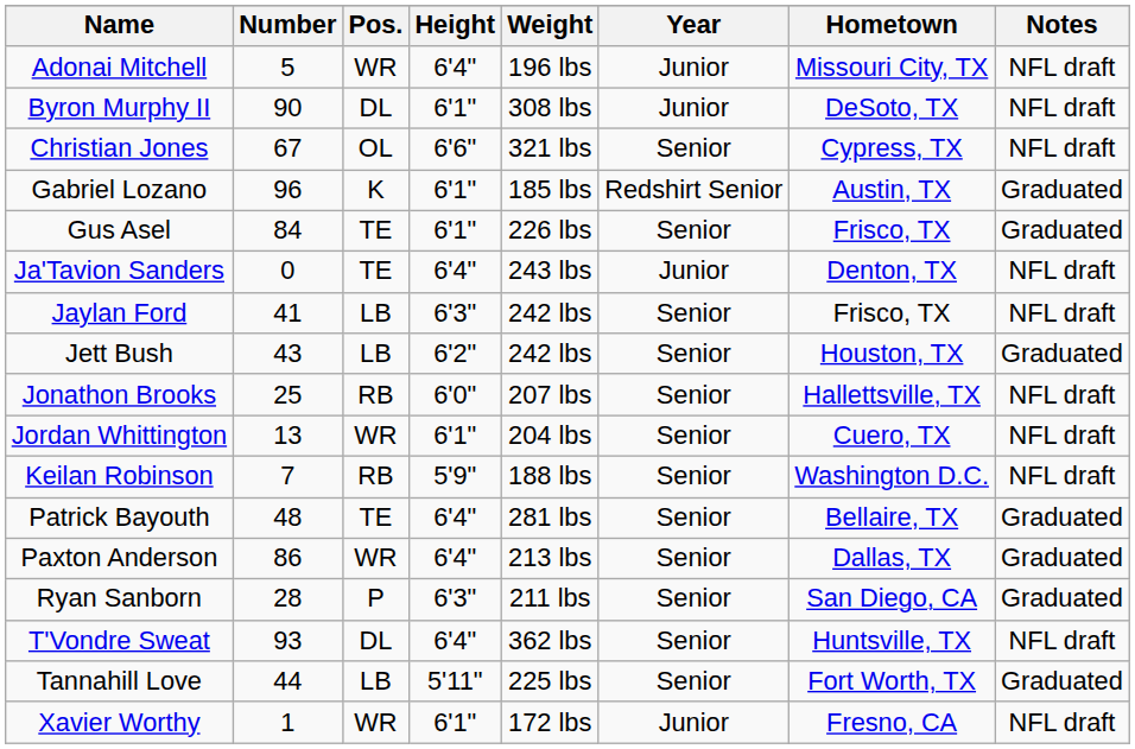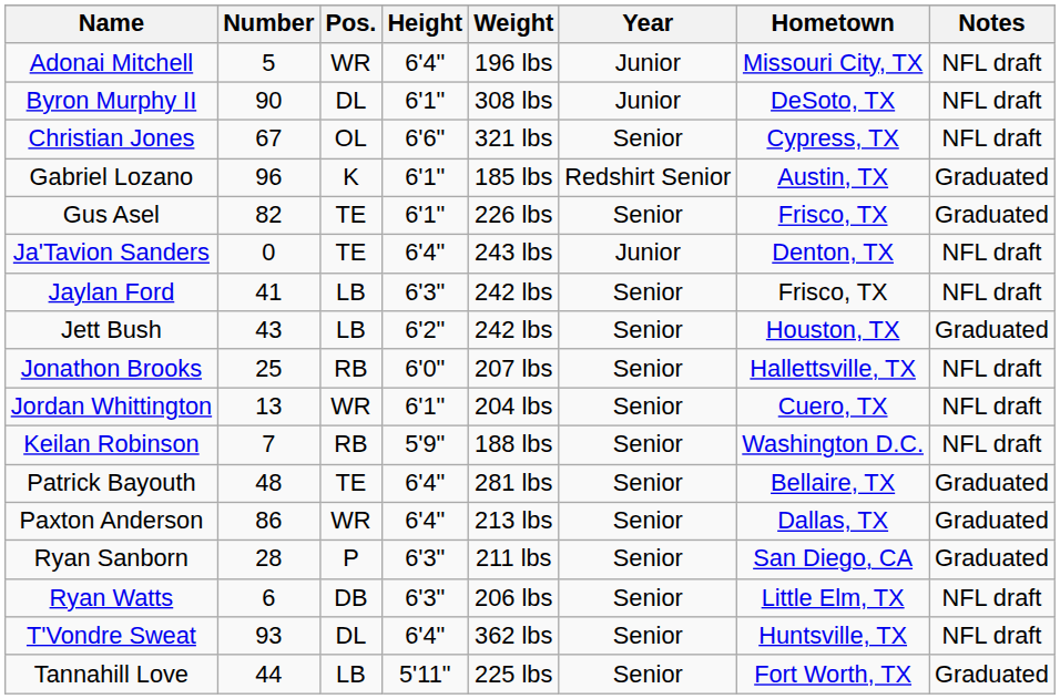 <table class="wikitable sortable collapsible">
 <tr>
 </tr>
 <tr>
 <th style="text-align:center; ">Name</th>
 <th style="text-align:center; ">Number</th>
 <th style="text-align:center; ">Pos.</th>
 <th style="text-align:center; ">Height</th>
 <th style="text-align:center; ">Weight</th>
 <th style="text-align:center; ">Year</th>
 <th style="text-align:center; ">Hometown</th>
 <th style="text-align:center; ">Notes</th>
 </tr>
 <tr align="center">
 <td><a href='#'>Adonai Mitchell</a></td>
 <td>5</td>
 <td>WR</td>
 <td>6'4"</td>
 <td>196 lbs</td>
 <td>Junior</td>
 <td><a href='#'>Missouri City, TX</a></td>
 <td>NFL draft</td>
 </tr>
 <tr align="center">
 <td><a href='#'>Byron Murphy II</a></td>
 <td>90</td>
 <td>DL</td>
 <td>6'1"</td>
 <td>308 lbs</td>
 <td>Junior</td>
 <td><a href='#'>DeSoto, TX</a></td>
 <td>NFL draft</td>
 </tr>
 <tr align="center">
 <td><a href='#'>Christian Jones</a></td>
 <td>67</td>
 <td>OL</td>
 <td>6'6"</td>
 <td>321 lbs</td>
 <td>Senior</td>
 <td><a href='#'>Cypress, TX</a></td>
 <td>NFL draft</td>
 </tr>
 <tr align="center">
 <td>Gabriel Lozano</td>
 <td>96</td>
 <td>K</td>
 <td>6'1"</td>
 <td>185 lbs</td>
 <td>Redshirt Senior</td>
 <td><a href='#'>Austin, TX</a></td>
 <td>Graduated</td>
 </tr>
 <tr align="center">
 <td>Gus Asel</td>
-<td>84</td>
+<td>82</td>
 <td>TE</td>
 <td>6'1"</td>
 <td>226 lbs</td>
 <td>Senior</td>
 <td><a href='#'>Frisco, TX</a></td>
 <td>Graduated</td>
 </tr>
 <tr align="center">
 <td><a href='#'>Ja'Tavion Sanders</a></td>
 <td>0</td>
 <td>TE</td>
 <td>6'4"</td>
 <td>243 lbs</td>
 <td>Junior</td>
 <td><a href='#'>Denton, TX</a></td>
 <td>NFL draft</td>
 </tr>
 <tr align="center">
 <td><a href='#'>Jaylan Ford</a></td>
 <td>41</td>
 <td>LB</td>
 <td>6'3"</td>
 <td>242 lbs</td>
 <td>Senior</td>
 <td>Frisco, TX</td>
 <td>NFL draft</td>
 </tr>
 <tr align="center">
 <td>Jett Bush</td>
 <td>43</td>
 <td>LB</td>
 <td>6'2"</td>
 <td>242 lbs</td>
 <td>Senior</td>
 <td><a href='#'>Houston, TX</a></td>
 <td>Graduated</td>
 </tr>
 <tr align="center">
 <td><a href='#'>Jonathon Brooks</a></td>
 <td>25</td>
 <td>RB</td>
 <td>6'0"</td>
 <td>207 lbs</td>
 <td>Senior</td>
 <td><a href='#'>Hallettsville, TX</a></td>
 <td>NFL draft</td>
 </tr>
 <tr align="center">
 <td><a href='#'>Jordan Whittington</a></td>
 <td>13</td>
 <td>WR</td>
 <td>6'1"</td>
 <td>204 lbs</td>
 <td>Senior</td>
 <td><a href='#'>Cuero, TX</a></td>
 <td>NFL draft</td>
 </tr>
 <tr align="center">
 <td><a href='#'>Keilan Robinson</a></td>
 <td>7</td>
 <td>RB</td>
 <td>5'9"</td>
 <td>188 lbs</td>
 <td>Senior</td>
 <td><a href='#'>Washington D.C.</a></td>
 <td>NFL draft</td>
 </tr>
 <tr align="center">
 <td>Patrick Bayouth</td>
 <td>48</td>
 <td>TE</td>
 <td>6'4"</td>
 <td>281 lbs</td>
 <td>Senior</td>
 <td><a href='#'>Bellaire, TX</a></td>
 <td>Graduated</td>
 </tr>
 <tr align="center">
 <td>Paxton Anderson</td>
 <td>86</td>
 <td>WR</td>
 <td>6'4"</td>
 <td>213 lbs</td>
 <td>Senior</td>
 <td><a href='#'>Dallas, TX</a></td>
 <td>Graduated</td>
 </tr>
 <tr align="center">
 <td>Ryan Sanborn</td>
 <td>28</td>
 <td>P</td>
 <td>6'3"</td>
 <td>211 lbs</td>
 <td>Senior</td>
 <td><a href='#'>San Diego, CA</a></td>
 <td>Graduated</td>
 </tr>
 <tr align="center">
+<td><a href='#'>Ryan Watts</a></td>
+<td>6</td>
+<td>DB</td>
+<td>6'3"</td>
+<td>206 lbs</td>
+<td>Senior</td>
+<td><a href='#'>Little Elm, TX</a></td>
+<td>NFL draft</td>
+</tr>
+<tr align="center">
 <td><a href='#'>T'Vondre Sweat</a></td>
 <td>93</td>
 <td>DL</td>
 <td>6'4"</td>
 <td>362 lbs</td>
 <td>Senior</td>
 <td><a href='#'>Huntsville, TX</a></td>
 <td>NFL draft</td>
 </tr>
 <tr align="center">
 <td>Tannahill Love</td>
 <td>44</td>
 <td>LB</td>
 <td>5'11"</td>
 <td>225 lbs</td>
 <td>Senior</td>
 <td><a href='#'>Fort Worth, TX</a></td>
 <td>Graduated</td>
 </tr>
-<tr align="center">
-<td><a href='#'>Xavier Worthy</a></td>
-<td>1</td>
-<td>WR</td>
-<td>6'1"</td>
-<td>172 lbs</td>
-<td>Junior</td>
-<td><a href='#'>Fresno, CA</a></td>
-<td>NFL draft</td>
-</tr>
 </table>
